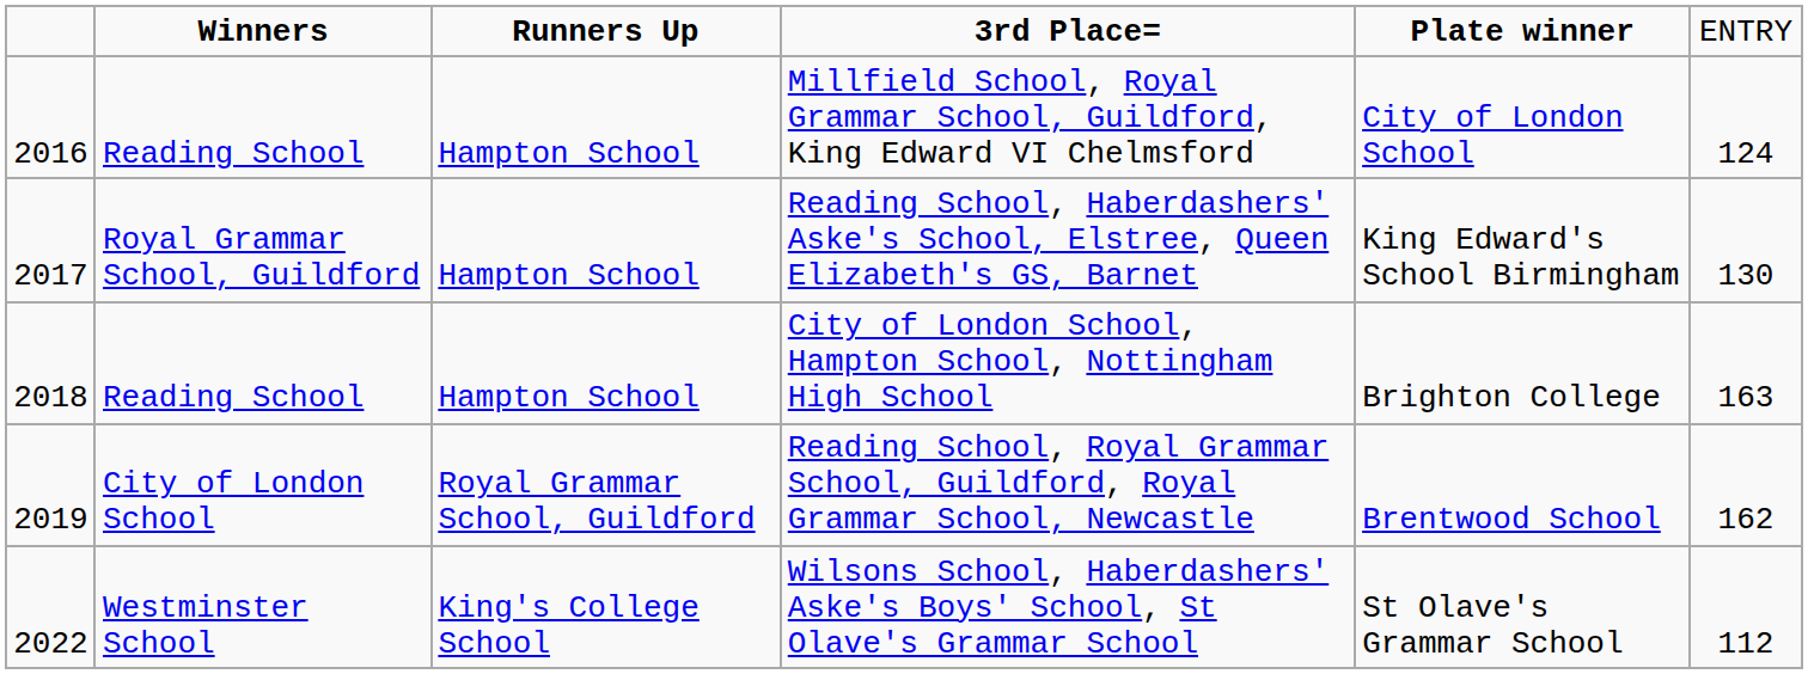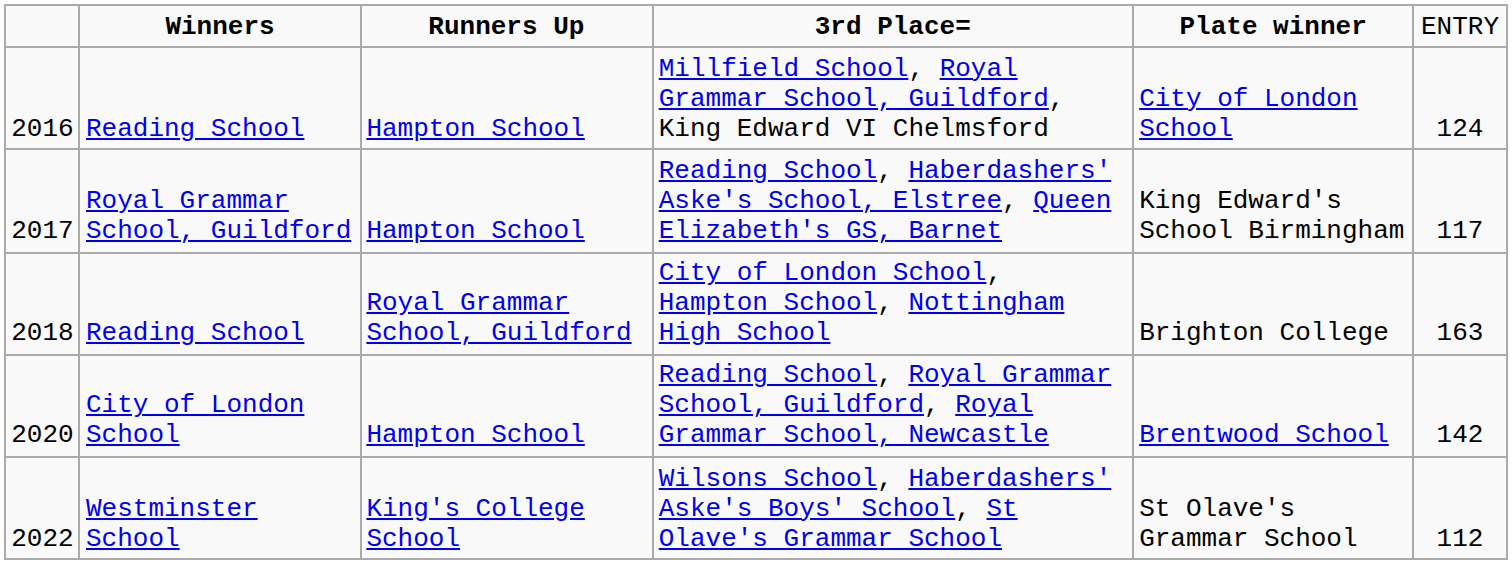 <table class="wikitable">
 <tr>
 <td width="30" Height="15" valign="bottom"></td>
 <td style="font-weight:bold" width="134" align="center" valign="bottom">Winners</td>
 <td style="font-weight:bold" width="140" align="center" valign="bottom">Runners Up</td>
 <td style="font-weight:bold" width="234" align="center" valign="bottom">3rd Place=</td>
 <td style="font-weight:bold" width="134" align="center" valign="bottom">Plate winner</td>
 <td width="40.5" align="center" valign="bottom">ENTRY</td>
 </tr>
 <tr>
 <td Height="15" valign="bottom">2016</td>
 <td valign="bottom"><a href='#'>Reading School</a></td>
 <td valign="bottom"><a href='#'>Hampton School</a></td>
 <td valign="bottom"><a href='#'>Millfield School</a>, <a href='#'>Royal Grammar School, Guildford</a>, King Edward VI Chelmsford</td>
 <td valign="bottom"><a href='#'>City of London School</a></td>
 <td align="center" valign="bottom">124</td>
 </tr>
 <tr>
 <td Height="15" valign="bottom">2017</td>
 <td valign="bottom"><a href='#'>Royal Grammar School, Guildford</a></td>
 <td valign="bottom"><a href='#'>Hampton School</a></td>
 <td valign="bottom"><a href='#'>Reading School</a>, <a href='#'>Haberdashers' Aske's School, Elstree</a>, <a href='#'>Queen Elizabeth's GS, Barnet</a></td>
 <td valign="bottom">King Edward's School Birmingham</td>
-<td align="center" valign="bottom">130</td>
+<td align="center" valign="bottom">117</td>
 </tr>
 <tr>
 <td Height="15" valign="bottom">2018</td>
 <td valign="bottom"><a href='#'>Reading School</a></td>
-<td valign="bottom"><a href='#'>Hampton School</a></td>
+<td valign="bottom"><a href='#'>Royal Grammar School, Guildford</a></td>
 <td valign="bottom"><a href='#'>City of London School</a>, <a href='#'>Hampton School</a>, <a href='#'>Nottingham High School</a></td>
 <td valign="bottom">Brighton College</td>
 <td align="center" valign="bottom">163</td>
 </tr>
 <tr>
-<td Height="15" valign="bottom">2019</td>
+<td Height="15" valign="bottom">2020</td>
 <td valign="bottom"><a href='#'>City of London School</a></td>
-<td valign="bottom"><a href='#'>Royal Grammar School, Guildford</a></td>
+<td valign="bottom"><a href='#'>Hampton School</a></td>
 <td valign="bottom"><a href='#'>Reading School</a>, <a href='#'>Royal Grammar School, Guildford</a>, <a href='#'>Royal Grammar School, Newcastle</a></td>
 <td valign="bottom"><a href='#'>Brentwood School</a></td>
-<td align="center" valign="bottom">162</td>
+<td align="center" valign="bottom">142</td>
 </tr>
 <tr>
 <td Height="15" valign="bottom">2022</td>
 <td valign="bottom"><a href='#'>Westminster School</a></td>
 <td valign="bottom"><a href='#'>King's College School</a></td>
 <td valign="bottom"><a href='#'>Wilsons School</a>, <a href='#'>Haberdashers' Aske's Boys' School</a>, <a href='#'>St Olave's Grammar School</a></td>
 <td valign="bottom">St Olave's Grammar School</td>
 <td align="center" valign="bottom">112</td>
 </tr>
 </table>
